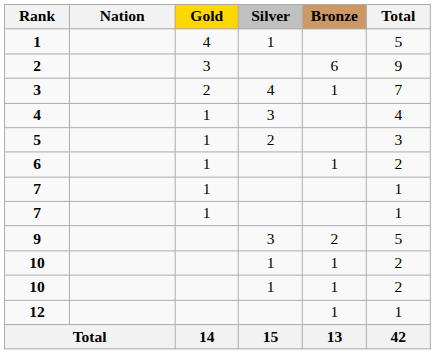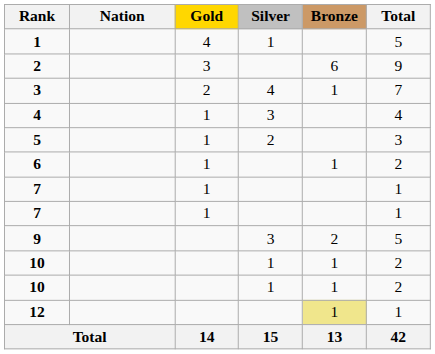 <table class="wikitable collapsible autocollapse plainrowheaders" width=70.5% style="text-align:center;">
 <tr style="background-color:#EDEDED;">
 <th width=100px class="hintergrundfarbe5">Rank</th>
 <th width=200px class="hintergrundfarbe6">Nation</th>
 <th style="background:    gold; width:15%">Gold</th>
 <th style="background:  silver; width:15%">Silver</th>
 <th style="background: #CC9966; width:15%">Bronze</th>
 <th class="hintergrundfarbe6" style="width:15%">Total</th>
 </tr>
 <tr>
 <td><strong>1</strong></td>
 <td align=left></td>
 <td>4</td>
 <td>1</td>
 <td></td>
 <td>5</td>
 </tr>
 <tr>
 <td><strong>2</strong></td>
 <td align=left></td>
 <td>3</td>
 <td></td>
 <td>6</td>
 <td>9</td>
 </tr>
 <tr>
 <td><strong>3</strong></td>
 <td align=left></td>
 <td>2</td>
 <td>4</td>
 <td>1</td>
 <td>7</td>
 </tr>
 <tr>
 <td><strong>4</strong></td>
 <td align=left></td>
 <td>1</td>
 <td>3</td>
 <td></td>
 <td>4</td>
 </tr>
 <tr>
 <td><strong>5</strong></td>
 <td align=left></td>
 <td>1</td>
 <td>2</td>
 <td></td>
 <td>3</td>
 </tr>
 <tr>
 <td><strong>6</strong></td>
 <td align=left></td>
 <td>1</td>
 <td></td>
 <td>1</td>
 <td>2</td>
 </tr>
 <tr>
 <td><strong>7</strong></td>
 <td align=left></td>
 <td>1</td>
 <td></td>
 <td></td>
 <td>1</td>
 </tr>
 <tr>
 <td><strong>7</strong></td>
 <td align=left></td>
 <td>1</td>
 <td></td>
 <td></td>
 <td>1</td>
 </tr>
 <tr>
 <td><strong>9</strong></td>
 <td align=left></td>
 <td></td>
 <td>3</td>
 <td>2</td>
 <td>5</td>
 </tr>
 <tr>
 <td><strong>10</strong></td>
 <td align=left></td>
 <td></td>
 <td>1</td>
 <td>1</td>
 <td>2</td>
 </tr>
 <tr>
 <td><strong>10</strong></td>
 <td align=left></td>
 <td></td>
 <td>1</td>
 <td>1</td>
 <td>2</td>
 </tr>
 <tr>
 <td><strong>12</strong></td>
 <td align=left></td>
 <td></td>
 <td></td>
-<td>1</td>
+<td style="background: khaki;">1</td>
 <td>1</td>
 </tr>
 <tr>
 <th colspan=2>Total</th>
 <th>14</th>
 <th>15</th>
 <th>13</th>
 <th>42</th>
 </tr>
 </table>
